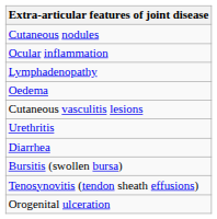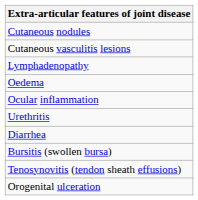 <table class="wikitable" align="right">
 <tr>
 <th>Extra-articular features of joint disease</th>
 </tr>
 <tr>
 <td><a href='#'>Cutaneous</a> <a href='#'>nodules</a></td>
 </tr>
 <tr>
-<td><a href='#'>Ocular</a> <a href='#'>inflammation</a></td>
+<td>Cutaneous <a href='#'>vasculitis</a> <a href='#'>lesions</a></td>
 </tr>
 <tr>
 <td><a href='#'>Lymphadenopathy</a></td>
 </tr>
 <tr>
 <td><a href='#'>Oedema</a></td>
 </tr>
 <tr>
-<td>Cutaneous <a href='#'>vasculitis</a> <a href='#'>lesions</a></td>
+<td><a href='#'>Ocular</a> <a href='#'>inflammation</a></td>
 </tr>
 <tr>
 <td><a href='#'>Urethritis</a></td>
 </tr>
 <tr>
 <td><a href='#'>Diarrhea</a></td>
 </tr>
 <tr>
 <td><a href='#'>Bursitis</a> (swollen <a href='#'>bursa</a>)</td>
 </tr>
 <tr>
 <td><a href='#'>Tenosynovitis</a> (<a href='#'>tendon</a> sheath <a href='#'>effusions</a>)</td>
 </tr>
 <tr>
 <td>Orogenital <a href='#'>ulceration</a></td>
 </tr>
 </table>
